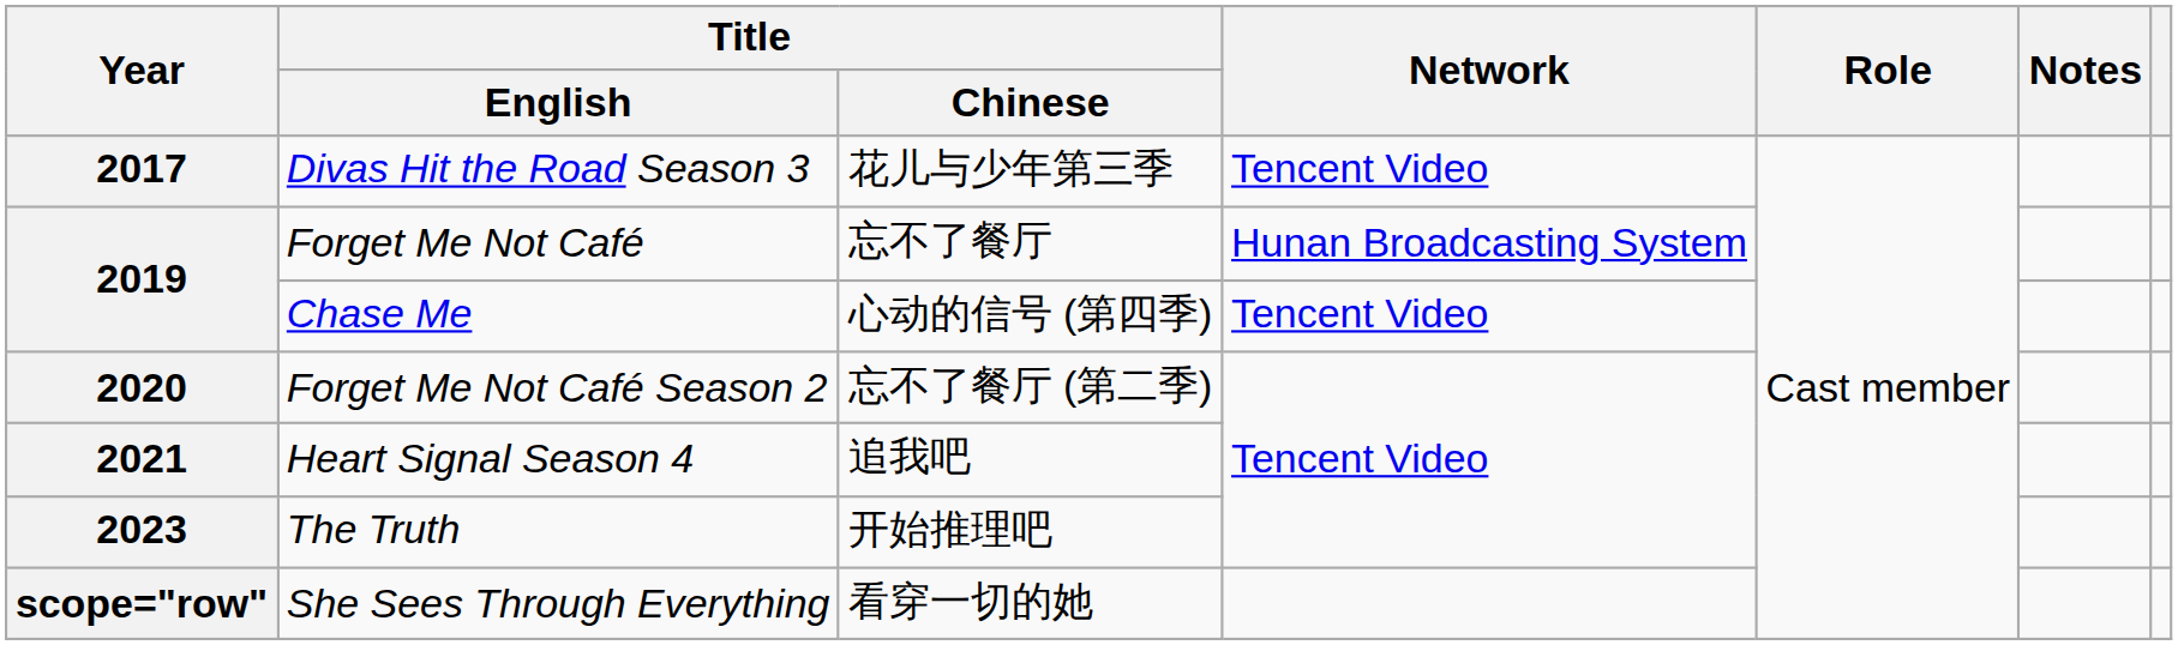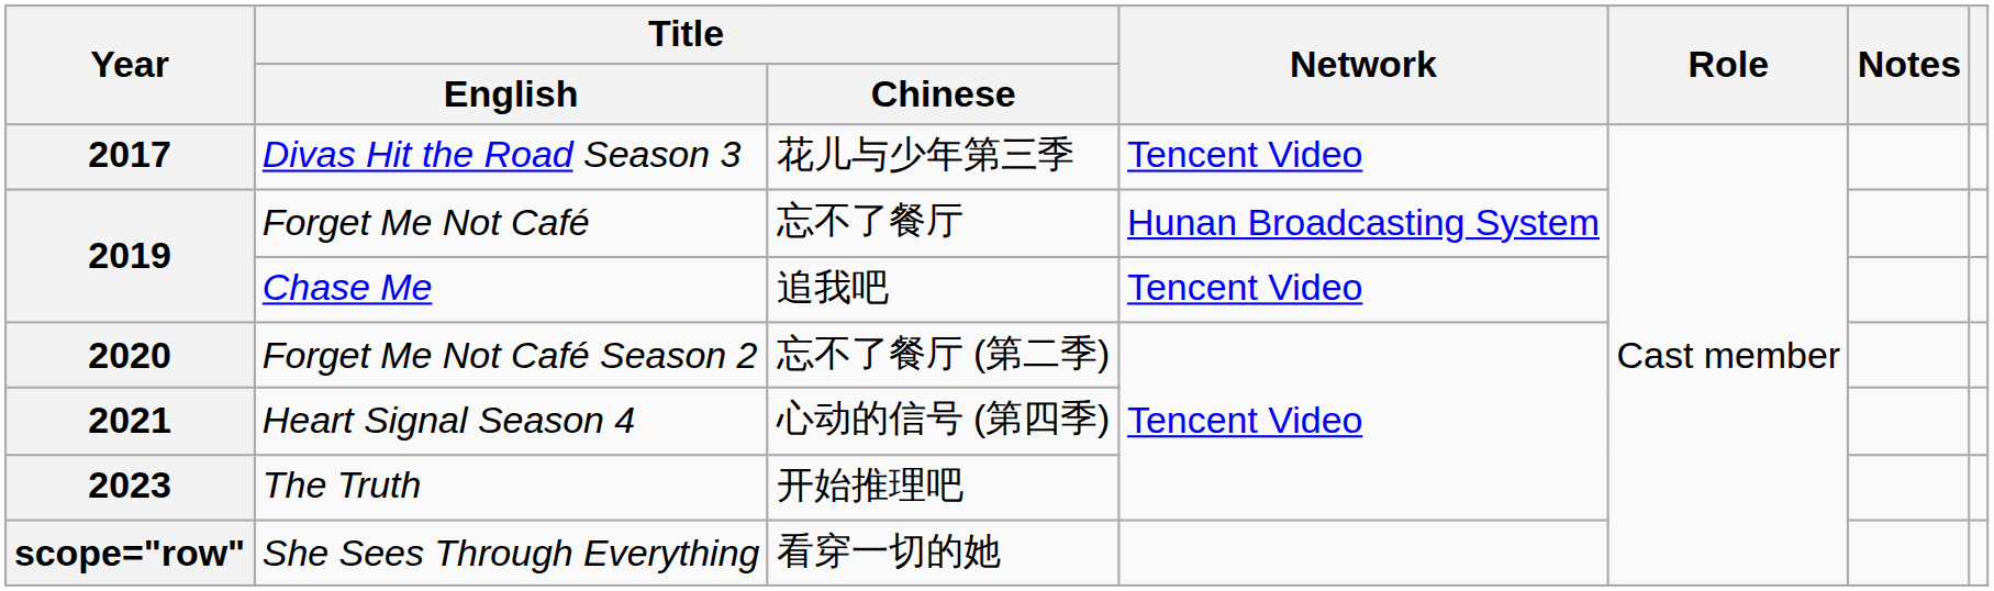 <table class="wikitable sortable plainrowheaders">
 <tr>
 <th scope="col" rowspan="2">Year</th>
 <th scope="col" colspan="2">Title</th>
 <th scope="col" rowspan="2">Network</th>
 <th scope="col" rowspan="2">Role</th>
 <th scope="col" rowspan="2">Notes</th>
 <th scope="col" rowspan="2" class="unsortable"></th>
 </tr>
 <tr>
 <th scope="col">English</th>
 <th scope="col">Chinese</th>
 </tr>
 <tr>
 <th scope="row">2017</th>
 <td><em><a href='#'>Divas Hit the Road</a> Season 3</em></td>
 <td>花儿与少年第三季</td>
 <td><a href='#'>Tencent Video</a></td>
 <td rowspan=7>Cast member</td>
 <td></td>
 <td></td>
 </tr>
 <tr>
 <th scope="row" rowspan=2>2019</th>
 <td><em>Forget Me Not Café</em></td>
 <td>忘不了餐厅</td>
 <td><a href='#'>Hunan Broadcasting System</a></td>
 <td></td>
 <td></td>
 </tr>
 <tr>
 <td><em><a href='#'>Chase Me</a></em></td>
-<td>心动的信号 (第四季)</td>
+<td>追我吧</td>
 <td><a href='#'>Tencent Video</a></td>
 <td></td>
 <td></td>
 </tr>
 <tr>
 <th scope="row">2020</th>
 <td><em>Forget Me Not Café Season 2</em></td>
 <td>忘不了餐厅 (第二季)</td>
 <td rowspan=3><a href='#'>Tencent Video</a></td>
 <td></td>
 <td></td>
 </tr>
 <tr>
 <th scope="row">2021</th>
 <td><em>Heart Signal Season 4</em></td>
-<td>追我吧</td>
+<td>心动的信号 (第四季)</td>
 <td></td>
 <td></td>
 </tr>
 <tr>
 <th scope="row" rowspan=1>2023</th>
 <td><em>The Truth</em></td>
 <td>开始推理吧</td>
 <td></td>
 <td></td>
 </tr>
 <tr>
 <th>scope="row" </th>
 <td><em>She Sees Through Everything</em></td>
 <td>看穿一切的她</td>
 <td></td>
 <td></td>
 <td></td>
 </tr>
 </table>
